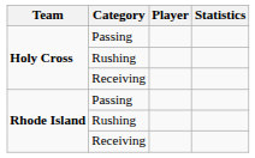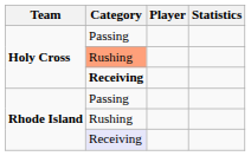 <table class="wikitable" style="float: right;">
 <tr>
 <th>Team</th>
 <th>Category</th>
 <th>Player</th>
 <th>Statistics</th>
 </tr>
 <tr>
 <td rowspan=3><strong>Holy Cross</strong></td>
 <td>Passing</td>
 <td></td>
 <td></td>
 </tr>
 <tr>
-<td>Rushing</td>
+<td style="background: lightsalmon;">Rushing</td>
 <td></td>
 <td></td>
 </tr>
 <tr>
-<td>Receiving</td>
+<td><strong>Receiving</strong></td>
 <td></td>
 <td></td>
 </tr>
 <tr>
 <td rowspan=3><strong>Rhode Island</strong></td>
 <td>Passing</td>
 <td></td>
 <td></td>
 </tr>
 <tr>
 <td>Rushing</td>
 <td></td>
 <td></td>
 </tr>
 <tr>
-<td>Receiving</td>
+<td style="background: lavender;">Receiving</td>
 <td></td>
 <td></td>
 </tr>
 </table>
